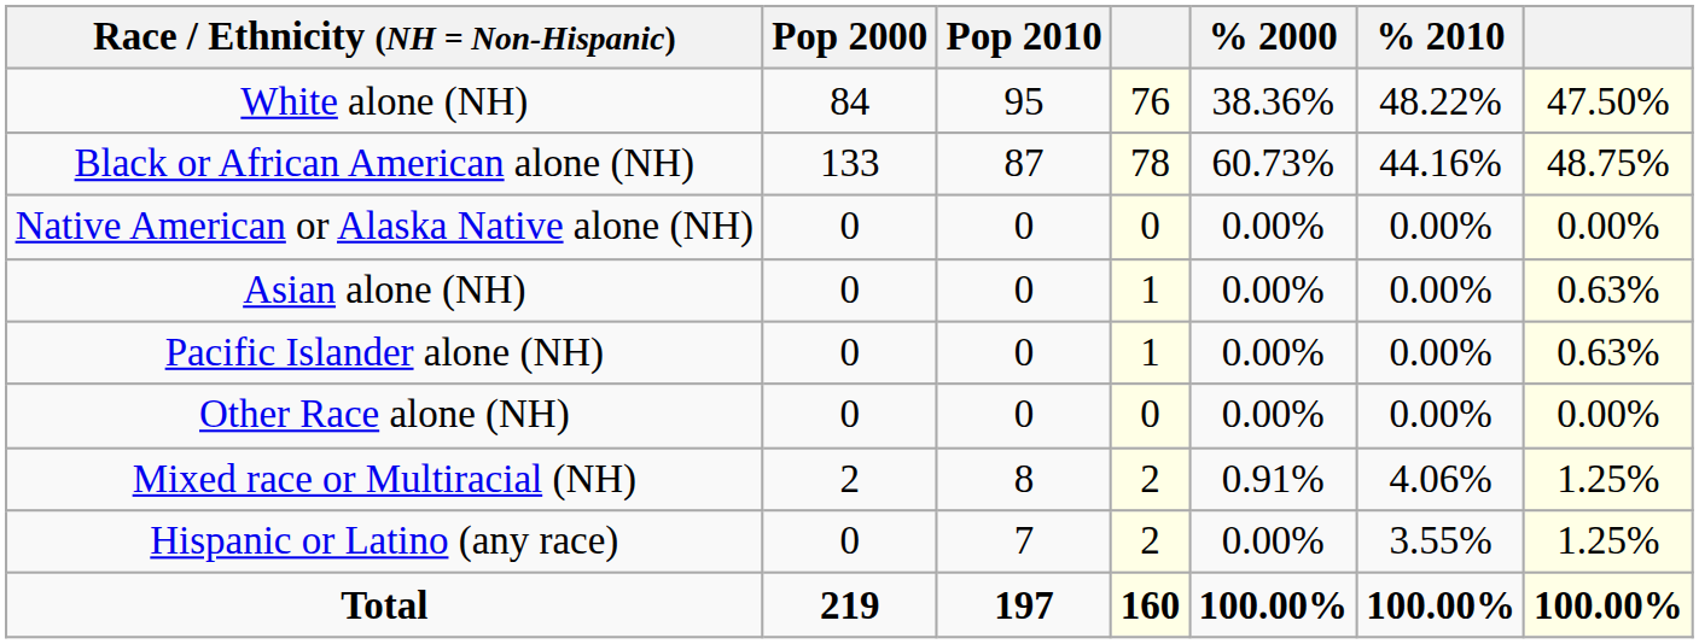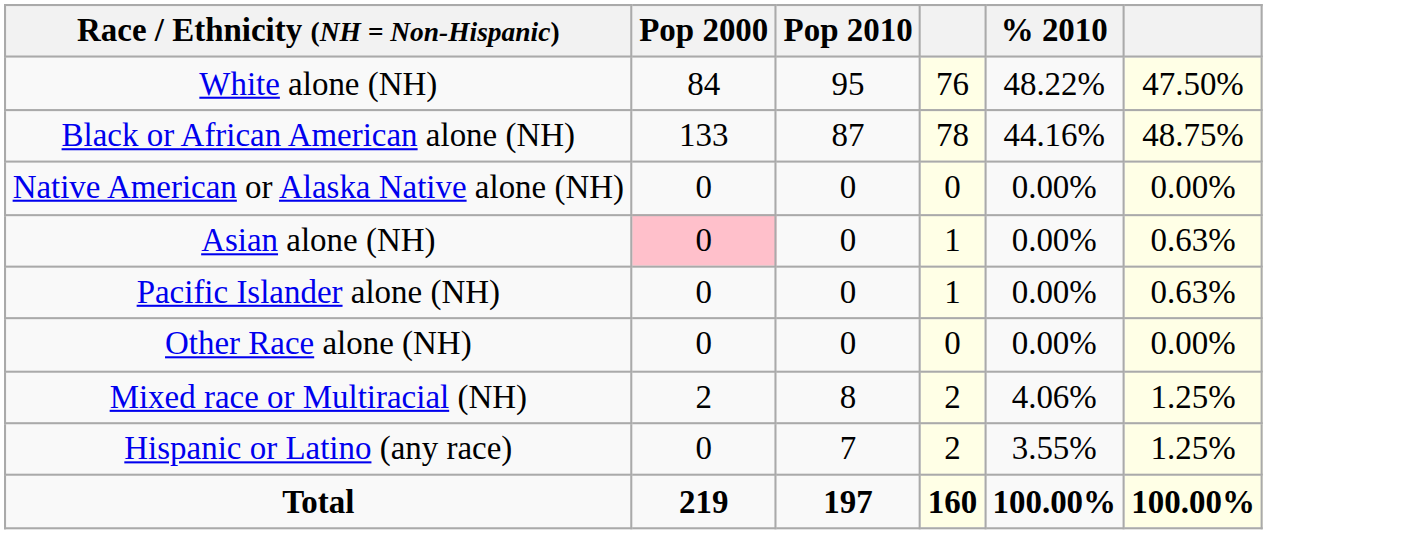 <table class="wikitable" style="text-align:center;">
 <tr>
 <th>Race / Ethnicity <small>(<em>NH = Non-Hispanic</em>)</small></th>
 <th>Pop 2000</th>
 <th>Pop 2010</th>
 <th></th>
-<th>% 2000</th>
 <th>% 2010</th>
 <th></th>
 </tr>
 <tr>
 <td><a href='#'>White</a> alone (NH)</td>
 <td>84</td>
 <td>95</td>
 <td style='background: #ffffe6;'>76</td>
-<td>38.36%</td>
 <td>48.22%</td>
 <td style='background: #ffffe6;'>47.50%</td>
 </tr>
 <tr>
 <td><a href='#'>Black or African American</a> alone (NH)</td>
 <td>133</td>
 <td>87</td>
 <td style='background: #ffffe6;'>78</td>
-<td>60.73%</td>
 <td>44.16%</td>
 <td style='background: #ffffe6;'>48.75%</td>
 </tr>
 <tr>
 <td><a href='#'>Native American</a> or <a href='#'>Alaska Native</a> alone (NH)</td>
 <td>0</td>
 <td>0</td>
 <td style='background: #ffffe6;'>0</td>
 <td>0.00%</td>
-<td>0.00%</td>
 <td style='background: #ffffe6;'>0.00%</td>
 </tr>
 <tr>
 <td><a href='#'>Asian</a> alone (NH)</td>
-<td>0</td>
+<td style="background: pink;">0</td>
 <td>0</td>
 <td style='background: #ffffe6;'>1</td>
-<td>0.00%</td>
 <td>0.00%</td>
 <td style='background: #ffffe6;'>0.63%</td>
 </tr>
 <tr>
 <td><a href='#'>Pacific Islander</a> alone (NH)</td>
 <td>0</td>
 <td>0</td>
 <td style='background: #ffffe6;'>1</td>
 <td>0.00%</td>
-<td>0.00%</td>
 <td style='background: #ffffe6;'>0.63%</td>
 </tr>
 <tr>
 <td><a href='#'>Other Race</a> alone (NH)</td>
 <td>0</td>
 <td>0</td>
 <td style='background: #ffffe6;'>0</td>
 <td>0.00%</td>
-<td>0.00%</td>
 <td style='background: #ffffe6;'>0.00%</td>
 </tr>
 <tr>
 <td><a href='#'>Mixed race or Multiracial</a> (NH)</td>
 <td>2</td>
 <td>8</td>
 <td style='background: #ffffe6;'>2</td>
-<td>0.91%</td>
 <td>4.06%</td>
 <td style='background: #ffffe6;'>1.25%</td>
 </tr>
 <tr>
 <td><a href='#'>Hispanic or Latino</a> (any race)</td>
 <td>0</td>
 <td>7</td>
 <td style='background: #ffffe6;'>2</td>
-<td>0.00%</td>
 <td>3.55%</td>
 <td style='background: #ffffe6;'>1.25%</td>
 </tr>
 <tr>
 <td><strong>Total</strong></td>
 <td><strong>219</strong></td>
 <td><strong>197</strong></td>
 <td style='background: #ffffe6;'><strong>160</strong></td>
 <td><strong>100.00%</strong></td>
-<td><strong>100.00%</strong></td>
 <td style='background: #ffffe6;'><strong>100.00%</strong></td>
 </tr>
 </table>
